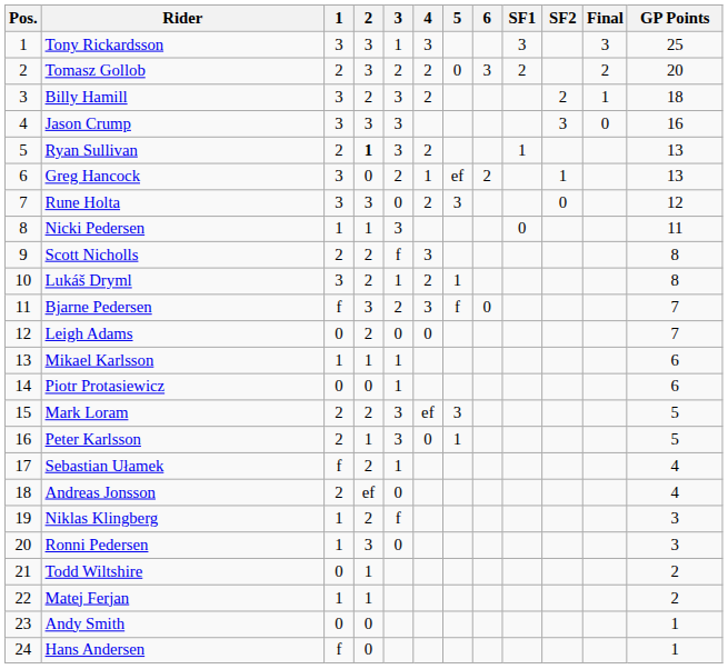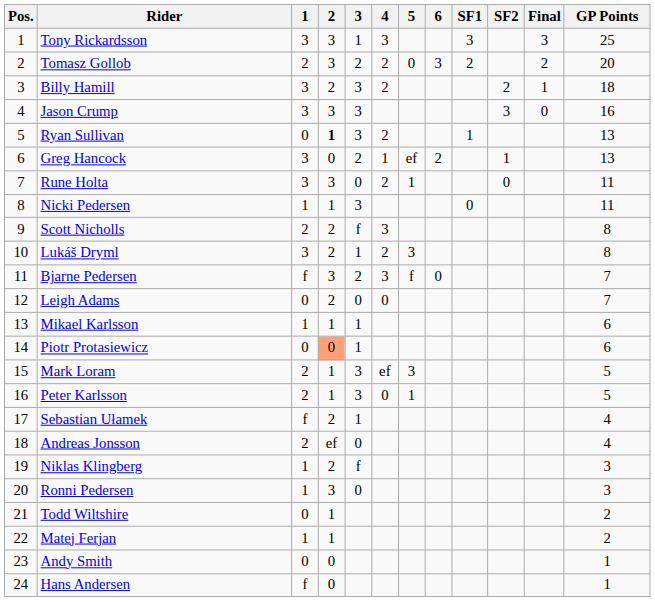 <table class=wikitable style="font-size:93%;">
 <tr>
 <th width=25px>Pos.</th>
 <th width=250px>Rider</th>
 <th width=20px>1</th>
 <th width=20px>2</th>
 <th width=20px>3</th>
 <th width=20px>4</th>
 <th width=20px>5</th>
 <th width=20px>6</th>
 <th width=30px>SF1</th>
 <th width=30px>SF2</th>
 <th width=30px>Final</th>
 <th width=80px>GP Points</th>
 </tr>
 <tr align=center style="background-color:">
 <td>1</td>
 <td align=left> <a href='#'>Tony Rickardsson</a></td>
 <td>3</td>
 <td>3</td>
 <td>1</td>
 <td>3</td>
 <td></td>
 <td></td>
 <td>  3</td>
 <td></td>
 <td>3</td>
 <td>25</td>
 </tr>
 <tr align=center style="background-color:">
 <td>2</td>
 <td align=left> <a href='#'>Tomasz Gollob</a></td>
 <td>2</td>
 <td>3</td>
 <td>2</td>
 <td>2</td>
 <td>0</td>
 <td>3</td>
 <td> 2</td>
 <td></td>
 <td>2</td>
 <td>20</td>
 </tr>
 <tr align=center style="background-color:">
 <td>3</td>
 <td align=left> <a href='#'>Billy Hamill</a></td>
 <td>3</td>
 <td>2</td>
 <td>3</td>
 <td>2</td>
 <td></td>
 <td></td>
 <td></td>
 <td>2</td>
 <td>1</td>
 <td>18</td>
 </tr>
 <tr align=center>
 <td>4</td>
 <td align=left> <a href='#'>Jason Crump</a></td>
 <td>3</td>
 <td>3</td>
 <td>3</td>
 <td></td>
 <td></td>
 <td></td>
 <td></td>
 <td>3</td>
 <td>0</td>
 <td>16</td>
 </tr>
 <tr align=center>
 <td>5</td>
 <td align=left> <a href='#'>Ryan Sullivan</a></td>
-<td>2</td>
+<td>0</td>
 <td><strong>1</strong></td>
 <td>3</td>
 <td>2</td>
 <td></td>
 <td></td>
 <td>1</td>
 <td></td>
 <td></td>
 <td>13</td>
 </tr>
 <tr align=center>
 <td>6</td>
 <td align=left> <a href='#'>Greg Hancock</a></td>
 <td>3</td>
 <td>0</td>
 <td>2</td>
 <td>1</td>
 <td>ef</td>
 <td>2</td>
 <td></td>
 <td>1</td>
 <td></td>
 <td>13</td>
 </tr>
 <tr align=center>
 <td>7</td>
 <td align=left> <a href='#'>Rune Holta</a></td>
 <td>3</td>
 <td>3</td>
 <td>0</td>
 <td>2</td>
-<td>3</td>
+<td>1</td>
 <td></td>
 <td></td>
 <td>0</td>
 <td></td>
-<td>12</td>
+<td>11</td>
 </tr>
 <tr align=center>
 <td>8</td>
 <td align=left> <a href='#'>Nicki Pedersen</a></td>
 <td>1</td>
 <td>1</td>
 <td>3</td>
 <td></td>
 <td></td>
 <td></td>
 <td>0</td>
 <td></td>
 <td></td>
 <td>11</td>
 </tr>
 <tr align=center>
 <td>9</td>
 <td align=left> <a href='#'>Scott Nicholls</a></td>
 <td>2</td>
 <td>2</td>
 <td>f</td>
 <td>3</td>
 <td></td>
 <td></td>
 <td></td>
 <td></td>
 <td></td>
 <td>8</td>
 </tr>
 <tr align=center>
 <td>10</td>
 <td align=left> <a href='#'>Lukáš Dryml</a></td>
 <td>3</td>
 <td>2</td>
 <td>1</td>
 <td>2</td>
-<td>1</td>
+<td>3</td>
 <td></td>
 <td></td>
 <td></td>
 <td></td>
 <td>8</td>
 </tr>
 <tr align=center>
 <td>11</td>
 <td align=left> <a href='#'>Bjarne Pedersen</a></td>
 <td>f</td>
 <td>3</td>
 <td>2</td>
 <td>3</td>
 <td>f</td>
 <td>0</td>
 <td></td>
 <td></td>
 <td></td>
 <td>7</td>
 </tr>
 <tr align=center>
 <td>12</td>
 <td align=left> <a href='#'>Leigh Adams</a></td>
 <td>0</td>
 <td>2</td>
 <td>0</td>
 <td>0</td>
 <td></td>
 <td></td>
 <td></td>
 <td></td>
 <td></td>
 <td>7</td>
 </tr>
 <tr align=center>
 <td>13</td>
 <td align=left> <a href='#'>Mikael Karlsson</a></td>
 <td>1</td>
 <td>1</td>
 <td>1</td>
 <td></td>
 <td></td>
 <td></td>
 <td></td>
 <td></td>
 <td></td>
 <td>6</td>
 </tr>
 <tr align=center>
 <td>14</td>
 <td align=left> <a href='#'>Piotr Protasiewicz</a></td>
 <td>0</td>
-<td>0</td>
+<td style="background: lightsalmon;">0</td>
 <td>1</td>
 <td></td>
 <td></td>
 <td></td>
 <td></td>
 <td></td>
 <td></td>
 <td>6</td>
 </tr>
 <tr align=center>
 <td>15</td>
 <td align=left> <a href='#'>Mark Loram</a></td>
 <td>2</td>
-<td>2</td>
+<td>1</td>
 <td>3</td>
 <td>ef</td>
 <td>3</td>
 <td></td>
 <td></td>
 <td></td>
 <td></td>
 <td>5</td>
 </tr>
 <tr align=center>
 <td>16</td>
 <td align=left> <a href='#'>Peter Karlsson</a></td>
 <td>2</td>
 <td>1</td>
 <td>3</td>
 <td>0</td>
 <td>1</td>
 <td></td>
 <td></td>
 <td></td>
 <td></td>
 <td>5</td>
 </tr>
 <tr align=center>
 <td>17</td>
 <td align=left> <a href='#'>Sebastian Ułamek</a></td>
 <td>f</td>
 <td>2</td>
 <td>1</td>
 <td></td>
 <td></td>
 <td></td>
 <td></td>
 <td></td>
 <td></td>
 <td>4</td>
 </tr>
 <tr align=center>
 <td>18</td>
 <td align=left> <a href='#'>Andreas Jonsson</a></td>
 <td>2</td>
 <td>ef</td>
 <td>0</td>
 <td></td>
 <td></td>
 <td></td>
 <td></td>
 <td></td>
 <td></td>
 <td>4</td>
 </tr>
 <tr align=center>
 <td>19</td>
 <td align=left> <a href='#'>Niklas Klingberg</a></td>
 <td>1</td>
 <td>2</td>
 <td>f</td>
 <td></td>
 <td></td>
 <td></td>
 <td></td>
 <td></td>
 <td></td>
 <td>3</td>
 </tr>
 <tr align=center>
 <td>20</td>
 <td align=left> <a href='#'>Ronni Pedersen</a></td>
 <td>1</td>
 <td>3</td>
 <td>0</td>
 <td></td>
 <td></td>
 <td></td>
 <td></td>
 <td></td>
 <td></td>
 <td>3</td>
 </tr>
 <tr align=center>
 <td>21</td>
 <td align=left> <a href='#'>Todd Wiltshire</a></td>
 <td>0</td>
 <td>1</td>
 <td></td>
 <td></td>
 <td></td>
 <td></td>
 <td></td>
 <td></td>
 <td></td>
 <td>2</td>
 </tr>
 <tr align=center>
 <td>22</td>
 <td align=left> <a href='#'>Matej Ferjan</a></td>
 <td>1</td>
 <td>1</td>
 <td></td>
 <td></td>
 <td></td>
 <td></td>
 <td></td>
 <td></td>
 <td></td>
 <td>2</td>
 </tr>
 <tr align=center>
 <td>23</td>
 <td align=left> <a href='#'>Andy Smith</a></td>
 <td>0</td>
 <td>0</td>
 <td></td>
 <td></td>
 <td></td>
 <td></td>
 <td></td>
 <td></td>
 <td></td>
 <td>1</td>
 </tr>
 <tr align=center>
 <td>24</td>
 <td align=left> <a href='#'>Hans Andersen</a></td>
 <td>f</td>
 <td>0</td>
 <td></td>
 <td></td>
 <td></td>
 <td></td>
 <td></td>
 <td></td>
 <td></td>
 <td>1</td>
 </tr>
 </table>
